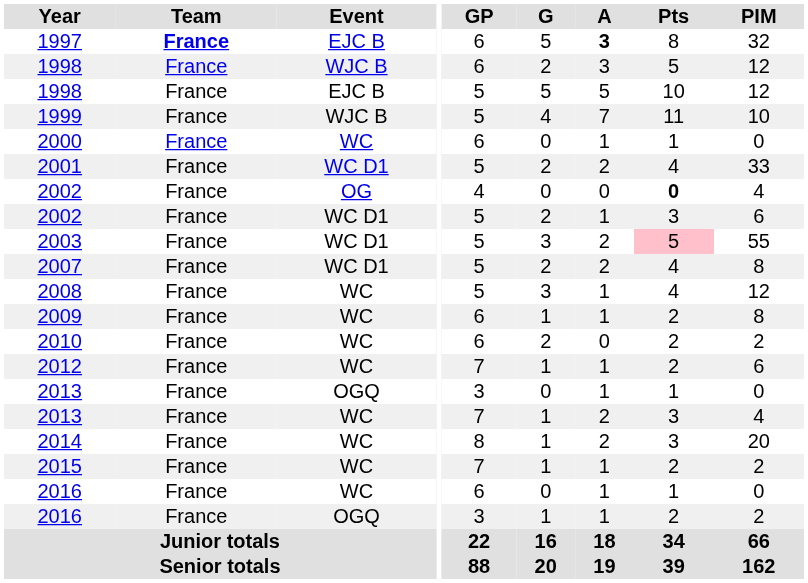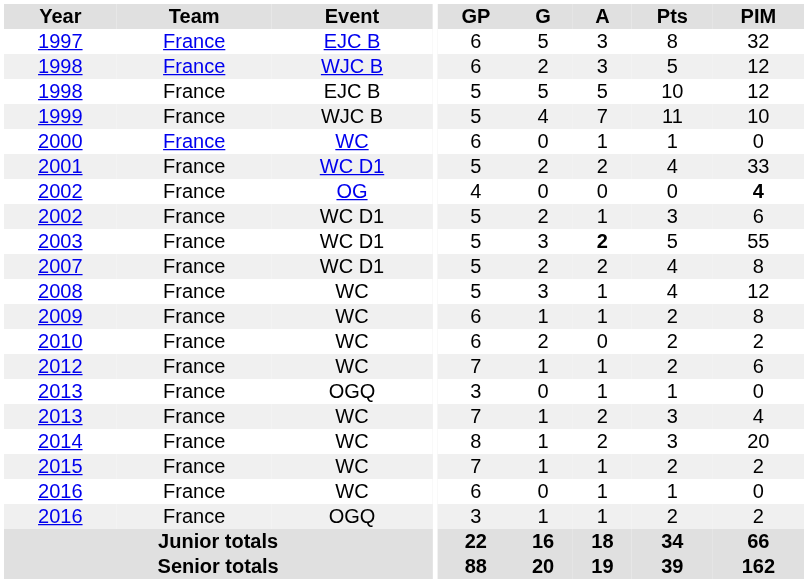 <table border="0" cellpadding="1" cellspacing="0" ID="Table3" style="text-align:center; width:40em">
 <tr ALIGN="center" bgcolor="#e0e0e0">
 <th>Year</th>
 <th>Team</th>
 <th>Event</th>
 <th rowspan="102" bgcolor="#ffffff"></th>
 <th>GP</th>
 <th>G</th>
 <th>A</th>
 <th>Pts</th>
 <th>PIM</th>
 </tr>
 <tr>
 <td><a href='#'>1997</a></td>
-<td><strong><a href='#'>France</a></strong></td>
+<td><a href='#'>France</a></td>
 <td><a href='#'>EJC B</a></td>
 <td>6</td>
 <td>5</td>
-<td><strong>3</strong></td>
+<td>3</td>
 <td>8</td>
 <td>32</td>
 </tr>
 <tr bgcolor="#f0f0f0">
 <td><a href='#'>1998</a></td>
 <td><a href='#'>France</a></td>
 <td><a href='#'>WJC B</a></td>
 <td>6</td>
 <td>2</td>
 <td>3</td>
 <td>5</td>
 <td>12</td>
 </tr>
 <tr>
 <td><a href='#'>1998</a></td>
 <td>France</td>
 <td>EJC B</td>
 <td>5</td>
 <td>5</td>
 <td>5</td>
 <td>10</td>
 <td>12</td>
 </tr>
 <tr bgcolor="#f0f0f0">
 <td><a href='#'>1999</a></td>
 <td>France</td>
 <td>WJC B</td>
 <td>5</td>
 <td>4</td>
 <td>7</td>
 <td>11</td>
 <td>10</td>
 </tr>
 <tr>
 <td><a href='#'>2000</a></td>
 <td><a href='#'>France</a></td>
 <td><a href='#'>WC</a></td>
 <td>6</td>
 <td>0</td>
 <td>1</td>
 <td>1</td>
 <td>0</td>
 </tr>
 <tr bgcolor="#f0f0f0">
 <td><a href='#'>2001</a></td>
 <td>France</td>
 <td><a href='#'>WC D1</a></td>
 <td>5</td>
 <td>2</td>
 <td>2</td>
 <td>4</td>
 <td>33</td>
 </tr>
 <tr>
 <td><a href='#'>2002</a></td>
 <td>France</td>
 <td><a href='#'>OG</a></td>
 <td>4</td>
 <td>0</td>
 <td>0</td>
-<td><strong>0</strong></td>
-<td>4</td>
+<td>0</td>
+<td><strong>4</strong></td>
 </tr>
 <tr bgcolor="#f0f0f0">
 <td><a href='#'>2002</a></td>
 <td>France</td>
 <td>WC D1</td>
 <td>5</td>
 <td>2</td>
 <td>1</td>
 <td>3</td>
 <td>6</td>
 </tr>
 <tr>
 <td><a href='#'>2003</a></td>
 <td>France</td>
 <td>WC D1</td>
 <td>5</td>
 <td>3</td>
-<td>2</td>
-<td style="background: pink;">5</td>
+<td><strong>2</strong></td>
+<td>5</td>
 <td>55</td>
 </tr>
 <tr bgcolor="#f0f0f0">
 <td><a href='#'>2007</a></td>
 <td>France</td>
 <td>WC D1</td>
 <td>5</td>
 <td>2</td>
 <td>2</td>
 <td>4</td>
 <td>8</td>
 </tr>
 <tr>
 <td><a href='#'>2008</a></td>
 <td>France</td>
 <td>WC</td>
 <td>5</td>
 <td>3</td>
 <td>1</td>
 <td>4</td>
 <td>12</td>
 </tr>
 <tr bgcolor="#f0f0f0">
 <td><a href='#'>2009</a></td>
 <td>France</td>
 <td>WC</td>
 <td>6</td>
 <td>1</td>
 <td>1</td>
 <td>2</td>
 <td>8</td>
 </tr>
 <tr>
 <td><a href='#'>2010</a></td>
 <td>France</td>
 <td>WC</td>
 <td>6</td>
 <td>2</td>
 <td>0</td>
 <td>2</td>
 <td>2</td>
 </tr>
 <tr bgcolor="#f0f0f0">
 <td><a href='#'>2012</a></td>
 <td>France</td>
 <td>WC</td>
 <td>7</td>
 <td>1</td>
 <td>1</td>
 <td>2</td>
 <td>6</td>
 </tr>
 <tr>
 <td><a href='#'>2013</a></td>
 <td>France</td>
 <td>OGQ</td>
 <td>3</td>
 <td>0</td>
 <td>1</td>
 <td>1</td>
 <td>0</td>
 </tr>
 <tr bgcolor="#f0f0f0">
 <td><a href='#'>2013</a></td>
 <td>France</td>
 <td>WC</td>
 <td>7</td>
 <td>1</td>
 <td>2</td>
 <td>3</td>
 <td>4</td>
 </tr>
 <tr>
 <td><a href='#'>2014</a></td>
 <td>France</td>
 <td>WC</td>
 <td>8</td>
 <td>1</td>
 <td>2</td>
 <td>3</td>
 <td>20</td>
 </tr>
 <tr bgcolor="#f0f0f0">
 <td><a href='#'>2015</a></td>
 <td>France</td>
 <td>WC</td>
 <td>7</td>
 <td>1</td>
 <td>1</td>
 <td>2</td>
 <td>2</td>
 </tr>
 <tr>
 <td><a href='#'>2016</a></td>
 <td>France</td>
 <td>WC</td>
 <td>6</td>
 <td>0</td>
 <td>1</td>
 <td>1</td>
 <td>0</td>
 </tr>
 <tr bgcolor="#f0f0f0">
 <td><a href='#'>2016</a></td>
 <td>France</td>
 <td>OGQ</td>
 <td>3</td>
 <td>1</td>
 <td>1</td>
 <td>2</td>
 <td>2</td>
 </tr>
 <tr bgcolor="#e0e0e0">
 <th colspan=3>Junior totals</th>
 <th>22</th>
 <th>16</th>
 <th>18</th>
 <th>34</th>
 <th>66</th>
 </tr>
 <tr bgcolor="#e0e0e0">
 <th colspan=3>Senior totals</th>
 <th>88</th>
 <th>20</th>
 <th>19</th>
 <th>39</th>
 <th>162</th>
 </tr>
 </table>
